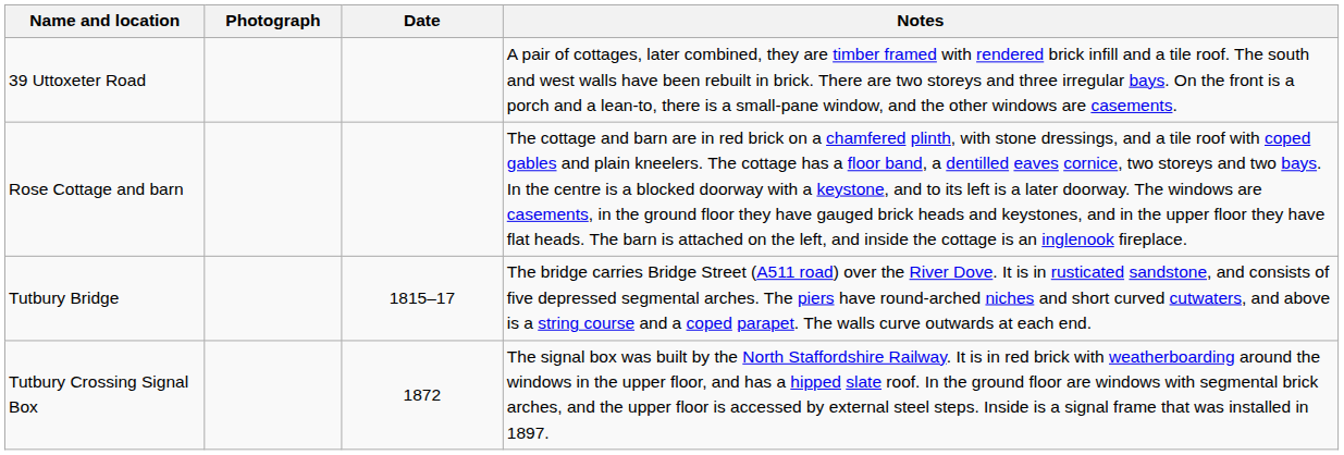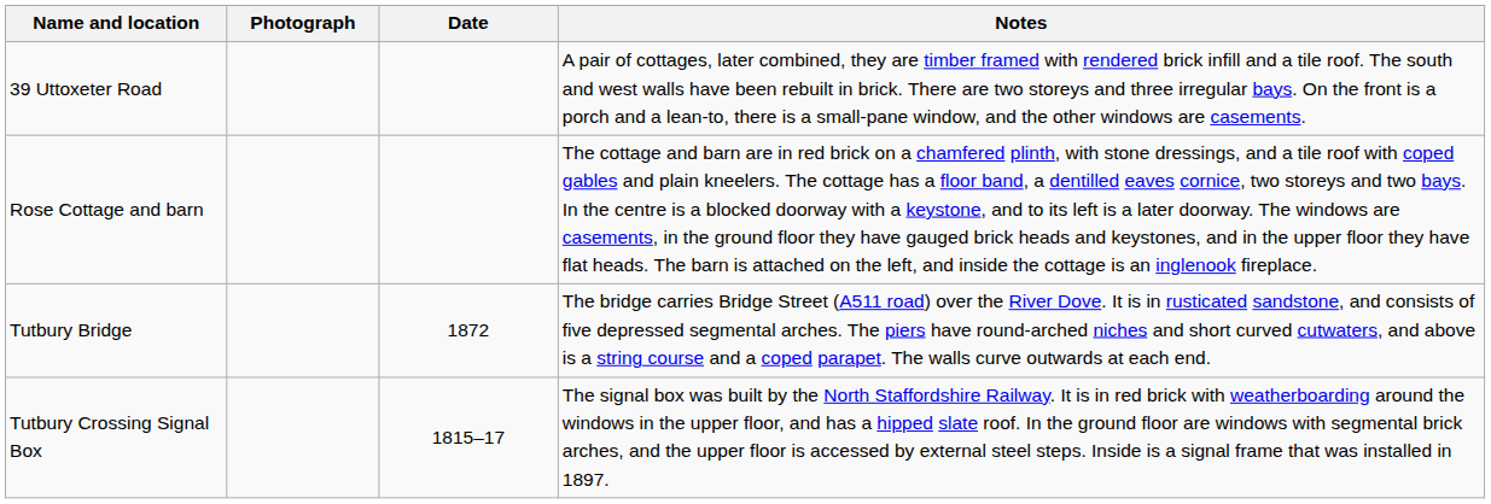 <table class="wikitable sortable plainrowheaders" style="width:100%;border:0px;text-align:left;line-height:150%;">
 <tr>
 <th scope="col"  style="width:150px">Name and location</th>
 <th scope="col"  style="width:100px" class="unsortable">Photograph</th>
 <th scope="col"  style="width:120px">Date</th>
 <th scope="col"  style="width:650px" class="unsortable">Notes</th>
 </tr>
 <tr>
 <td>39 Uttoxeter Road<br><small></small></td>
 <td></td>
 <td align="center"></td>
 <td>A pair of cottages, later combined, they are <a href='#'>timber framed</a> with <a href='#'>rendered</a> brick infill and a tile roof.  The south and west walls have been rebuilt in brick.  There are two storeys and three irregular <a href='#'>bays</a>.  On the front is a porch and a lean-to, there is a small-pane window, and the other windows are <a href='#'>casements</a>.</td>
 </tr>
 <tr>
 <td>Rose Cottage and barn<br><small></small></td>
 <td></td>
 <td align="center"></td>
 <td>The cottage and barn are in red brick on a <a href='#'>chamfered</a> <a href='#'>plinth</a>, with stone dressings, and a tile roof with <a href='#'>coped</a> <a href='#'>gables</a> and plain kneelers.  The cottage has a <a href='#'>floor band</a>, a <a href='#'>dentilled</a> <a href='#'>eaves</a> <a href='#'>cornice</a>, two storeys and two <a href='#'>bays</a>.  In the centre is a blocked doorway with a <a href='#'>keystone</a>, and to its left is a later doorway.  The windows are <a href='#'>casements</a>, in the ground floor they have gauged brick heads and keystones, and in the upper floor they have flat heads.  The barn is attached on the left, and inside the cottage is an <a href='#'>inglenook</a> fireplace.</td>
 </tr>
 <tr>
 <td>Tutbury Bridge<br><small></small></td>
 <td></td>
-<td align="center">1815–17</td>
+<td align="center">1872</td>
 <td>The bridge carries Bridge Street (<a href='#'>A511 road</a>) over the <a href='#'>River Dove</a>.  It is in <a href='#'>rusticated</a> <a href='#'>sandstone</a>, and consists of five depressed segmental arches.  The <a href='#'>piers</a> have round-arched <a href='#'>niches</a> and short curved <a href='#'>cutwaters</a>, and above is a <a href='#'>string course</a> and a <a href='#'>coped</a> <a href='#'>parapet</a>.  The walls curve outwards at each end.</td>
 </tr>
 <tr>
 <td>Tutbury Crossing Signal Box<br><small></small></td>
 <td></td>
-<td align="center">1872</td>
+<td align="center">1815–17</td>
 <td>The signal box was built by the <a href='#'>North Staffordshire Railway</a>.  It is in red brick with <a href='#'>weatherboarding</a> around the windows in the upper floor, and has a <a href='#'>hipped</a> <a href='#'>slate</a> roof.  In the ground floor are windows with segmental brick arches, and the upper floor is accessed by external steel steps.  Inside is a signal frame that was installed in 1897.</td>
 </tr>
 <tr>
 </tr>
 </table>
